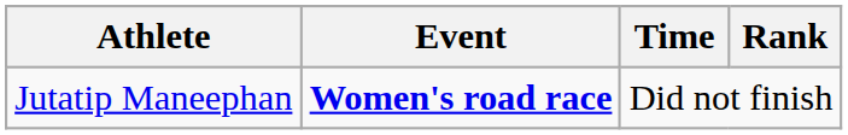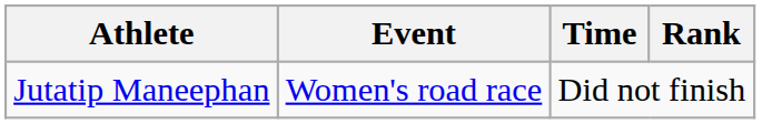 <table class=wikitable style=font-size:90%;text-align:center>
 <tr>
 <th>Athlete</th>
 <th>Event</th>
 <th>Time</th>
 <th>Rank</th>
 </tr>
 <tr>
 <td align=left><a href='#'>Jutatip Maneephan</a></td>
-<td align=left><strong><a href='#'>Women's road race</a></strong></td>
+<td align=left><a href='#'>Women's road race</a></td>
 <td colspan=2>Did not finish</td>
 </tr>
 </table>
